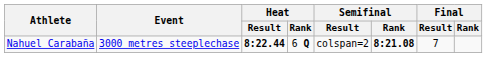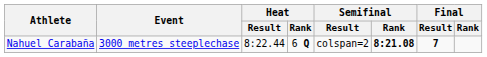 <table class=wikitable style=font-size:90%>
 <tr>
 <th rowspan=2>Athlete</th>
 <th rowspan=2>Event</th>
 <th colspan=2>Heat</th>
 <th colspan=2>Semifinal</th>
 <th colspan=2>Final</th>
 </tr>
 <tr style=font-size:95%>
 <th>Result</th>
 <th>Rank</th>
 <th>Result</th>
 <th>Rank</th>
 <th>Result</th>
 <th>Rank</th>
 </tr>
 <tr align=center>
 <td align=left><a href='#'>Nahuel Carabaña</a></td>
 <td align=left><a href='#'>3000 metres steeplechase</a></td>
-<td><strong>8:22.44</strong></td>
+<td>8:22.44</td>
 <td>6 <strong>Q</strong></td>
 <td>colspan=2</td>
 <td><strong>8:21.08</strong></td>
-<td>7</td>
+<td><strong>7</strong></td>
 </tr>
 </table>
